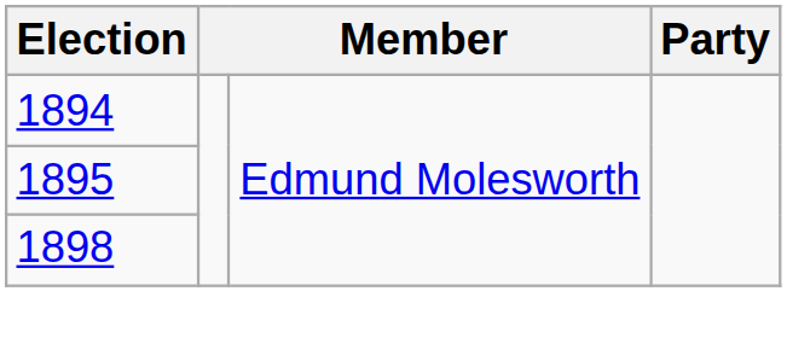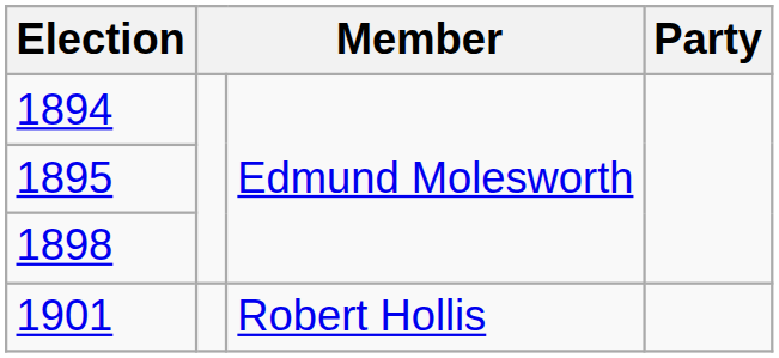 <table class="wikitable">
 <tr>
 <th>Election</th>
 <th colspan="2">Member</th>
 <th>Party</th>
 </tr>
 <tr>
 <td><a href='#'>1894</a></td>
 <td rowspan="3" > </td>
 <td rowspan="3"><a href='#'>Edmund Molesworth</a></td>
 <td rowspan="3"></td>
 </tr>
 <tr>
 <td><a href='#'>1895</a></td>
 </tr>
 <tr>
 <td><a href='#'>1898</a></td>
 </tr>
+<tr>
+<td><a href='#'>1901</a></td>
+<td> </td>
+<td><a href='#'>Robert Hollis</a></td>
+<td></td>
+</tr>
 </table>
